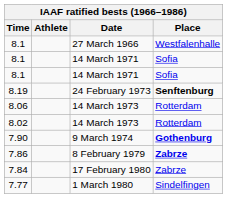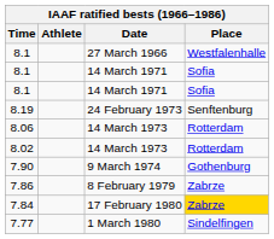 <table class="wikitable">
 <tr>
 <th colspan=5>IAAF ratified bests (1966–1986)</th>
 </tr>
 <tr>
 <th scope=col>Time</th>
 <th scope=col>Athlete</th>
 <th scope=col>Date</th>
 <th scope=col>Place</th>
 </tr>
 <tr>
 <td align=center>8.1</td>
 <td></td>
 <td>27 March 1966</td>
 <td><a href='#'>Westfalenhalle</a></td>
 </tr>
 <tr>
 <td align=center>8.1</td>
 <td></td>
 <td>14 March 1971</td>
 <td><a href='#'>Sofia</a></td>
 </tr>
 <tr>
 <td align=center>8.1</td>
 <td></td>
 <td>14 March 1971</td>
 <td><a href='#'>Sofia</a></td>
 </tr>
 <tr>
 <td align=center>8.19</td>
 <td></td>
 <td>24 February 1973</td>
-<td><strong>Senftenburg</strong></td>
+<td>Senftenburg</td>
 </tr>
 <tr>
 <td align=center>8.06</td>
 <td></td>
 <td>14 March 1973</td>
 <td><a href='#'>Rotterdam</a></td>
 </tr>
 <tr>
 <td align=center>8.02</td>
 <td></td>
 <td>14 March 1973</td>
 <td><a href='#'>Rotterdam</a></td>
 </tr>
 <tr>
 <td align=center>7.90</td>
 <td></td>
 <td>9 March 1974</td>
-<td><strong><a href='#'>Gothenburg</a></strong></td>
+<td><a href='#'>Gothenburg</a></td>
 </tr>
 <tr>
 <td align=center>7.86</td>
 <td></td>
 <td>8 February 1979</td>
-<td><strong><a href='#'>Zabrze</a></strong></td>
+<td><a href='#'>Zabrze</a></td>
 </tr>
 <tr>
 <td align=center>7.84</td>
 <td></td>
 <td>17 February 1980</td>
-<td><a href='#'>Zabrze</a></td>
+<td style="background: gold;"><a href='#'>Zabrze</a></td>
 </tr>
 <tr>
 <td align=center>7.77</td>
 <td></td>
 <td>1 March 1980</td>
 <td><a href='#'>Sindelfingen</a></td>
 </tr>
 </table>
